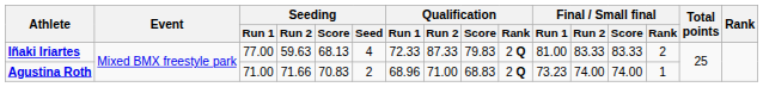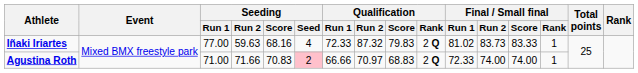 <table class="wikitable" style="font-size:90%;">
 <tr>
 <th rowspan=2>Athlete</th>
 <th rowspan=2>Event</th>
 <th colspan=4>Seeding</th>
 <th colspan=4>Qualification</th>
 <th colspan=4>Final / Small final</th>
 <th rowspan=2>Total<br>points</th>
 <th rowspan=2>Rank</th>
 </tr>
 <tr style="font-size:95%">
 <th>Run 1</th>
 <th>Run 2</th>
 <th>Score</th>
 <th>Seed</th>
 <th>Run 1</th>
 <th>Run 2</th>
 <th>Score</th>
 <th>Rank</th>
 <th>Run 1</th>
 <th>Run 2</th>
 <th>Score</th>
 <th>Rank</th>
 </tr>
 <tr align=center>
 <td align=left><strong><a href='#'>Iñaki Iriartes</a></strong></td>
 <td rowspan=2><a href='#'>Mixed BMX freestyle park</a></td>
 <td>77.00</td>
 <td>59.63</td>
-<td>68.13</td>
+<td>68.16</td>
 <td>4</td>
 <td>72.33</td>
-<td>87.33</td>
+<td>87.32</td>
 <td>79.83</td>
 <td>2 <strong>Q</strong></td>
-<td>81.00</td>
+<td>81.02</td>
+<td>83.73</td>
 <td>83.33</td>
-<td>83.33</td>
-<td>2</td>
+<td>1</td>
 <td rowspan=2>25</td>
 <td rowspan=2></td>
 </tr>
 <tr align=center>
 <td align="left"><strong><a href='#'>Agustina Roth</a></strong></td>
 <td>71.00</td>
 <td>71.66</td>
 <td>70.83</td>
-<td>2</td>
-<td>68.96</td>
-<td>71.00</td>
+<td style="background: pink;">2</td>
+<td>66.66</td>
+<td>70.97</td>
 <td>68.83</td>
 <td>2 <strong>Q</strong></td>
-<td>73.23</td>
+<td>72.33</td>
 <td>74.00</td>
 <td>74.00</td>
 <td>1</td>
 </tr>
 </table>
